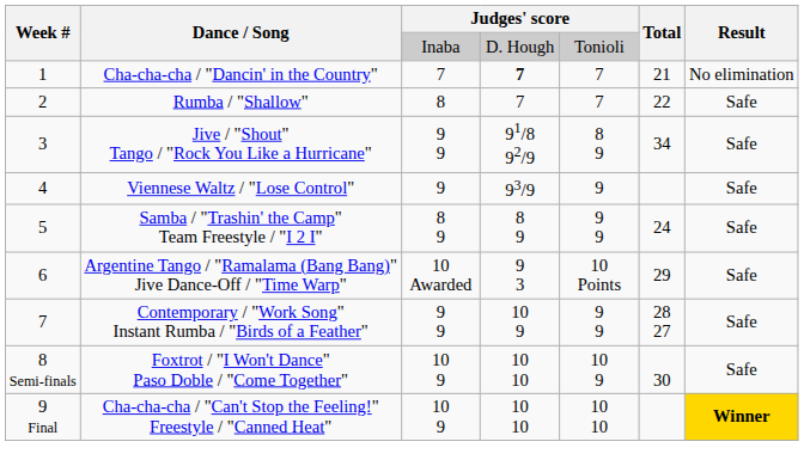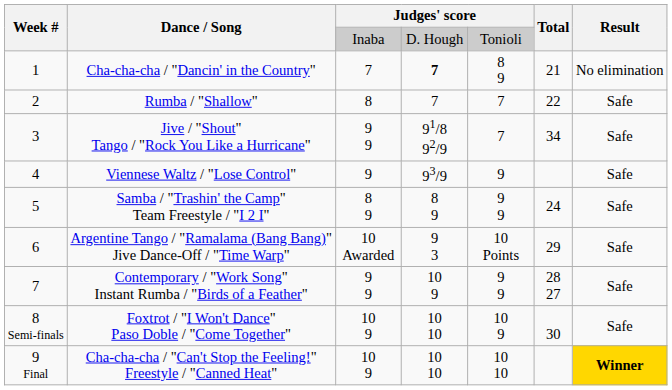 <table class="wikitable" style="text-align:center;">
 <tr style="text-align:center;">
 <th rowspan="2" bgcolor="#CCCCCC" align="Center">Week #</th>
 <th rowspan="2" bgcolor="#CCCCCC" align="Center">Dance / Song</th>
 <th colspan="3" bgcolor="#CCCCCC" align="Center">Judges' score</th>
 <th rowspan="2" bgcolor="#CCCCCC" align="Center">Total</th>
 <th rowspan="2" bgcolor="#CCCCCC" align="Center">Result</th>
 </tr>
 <tr>
 <td bgcolor="#CCCCCC" width="10%" align="center">Inaba</td>
 <td bgcolor="#CCCCCC" width="10%" align="center">D. Hough</td>
 <td bgcolor="#CCCCCC" width="10%" align="center">Tonioli</td>
 </tr>
 <tr>
 <td>1</td>
 <td><a href='#'>Cha-cha-cha</a> / "<a href='#'>Dancin' in the Country</a>"</td>
 <td>7</td>
 <td><strong>7</strong></td>
-<td>7</td>
+<td>8<br>9</td>
 <td>21</td>
 <td>No elimination</td>
 </tr>
 <tr>
 <td>2</td>
 <td><a href='#'>Rumba</a> / "<a href='#'>Shallow</a>"</td>
 <td>8</td>
 <td>7</td>
 <td>7</td>
 <td>22</td>
 <td>Safe</td>
 </tr>
 <tr>
 <td>3</td>
 <td><a href='#'>Jive</a> / "<a href='#'>Shout</a>"<br><a href='#'>Tango</a> / "<a href='#'>Rock You Like a Hurricane</a>"</td>
 <td>9<br>9</td>
 <td>9<sup>1</sup>/8<br>9<sup>2</sup>/9</td>
-<td>8<br>9</td>
+<td>7</td>
 <td>34<br></td>
 <td>Safe</td>
 </tr>
 <tr>
 <td>4</td>
 <td><a href='#'>Viennese Waltz</a> / "<a href='#'>Lose Control</a>"</td>
 <td>9</td>
 <td>9<sup>3</sup>/9</td>
 <td>9</td>
 <td></td>
 <td>Safe</td>
 </tr>
 <tr>
 <td>5</td>
 <td><a href='#'>Samba</a> / "<a href='#'>Trashin' the Camp</a>"<br>Team Freestyle / "<a href='#'>I 2 I</a>"</td>
 <td>8<br>9</td>
 <td>8<br>9</td>
 <td>9<br>9</td>
 <td>24<br></td>
 <td>Safe</td>
 </tr>
 <tr>
 <td>6</td>
 <td><a href='#'>Argentine Tango</a> / "<a href='#'>Ramalama (Bang Bang)</a>"<br>Jive Dance-Off / "<a href='#'>Time Warp</a>"</td>
 <td>10<br>Awarded</td>
 <td>9<br>3</td>
 <td>10<br>Points</td>
 <td>29<br></td>
 <td>Safe</td>
 </tr>
 <tr>
 <td>7</td>
 <td><a href='#'>Contemporary</a> / "<a href='#'>Work Song</a>"<br>Instant Rumba / "<a href='#'>Birds of a Feather</a>"</td>
 <td>9<br>9</td>
 <td>10<br>9</td>
 <td>9<br>9</td>
 <td>28<br>27</td>
 <td>Safe</td>
 </tr>
 <tr>
 <td>8<br><small>Semi-finals</small></td>
 <td><a href='#'>Foxtrot</a> / "<a href='#'>I Won't Dance</a>"<br><a href='#'>Paso Doble</a> / "<a href='#'>Come Together</a>"</td>
 <td>10<br>9</td>
 <td>10<br>10</td>
 <td>10<br>9</td>
 <td><br>30</td>
 <td>Safe</td>
 </tr>
 <tr>
 <td>9<br><small>Final</small></td>
 <td><a href='#'>Cha-cha-cha</a> / "<a href='#'>Can't Stop the Feeling!</a>"<br><a href='#'>Freestyle</a> / "<a href='#'>Canned Heat</a>"</td>
 <td>10<br>9</td>
 <td>10<br>10</td>
 <td>10<br>10</td>
 <td><br></td>
 <th style="background:gold;"><strong>Winner</strong></th>
 </tr>
 </table>
